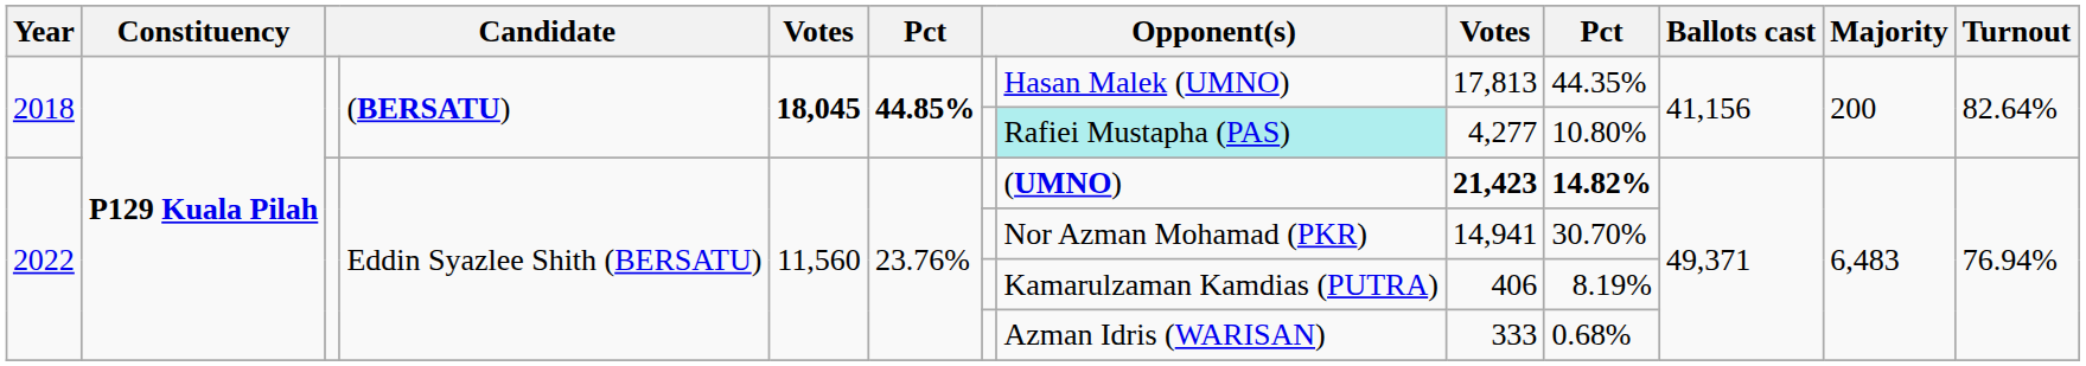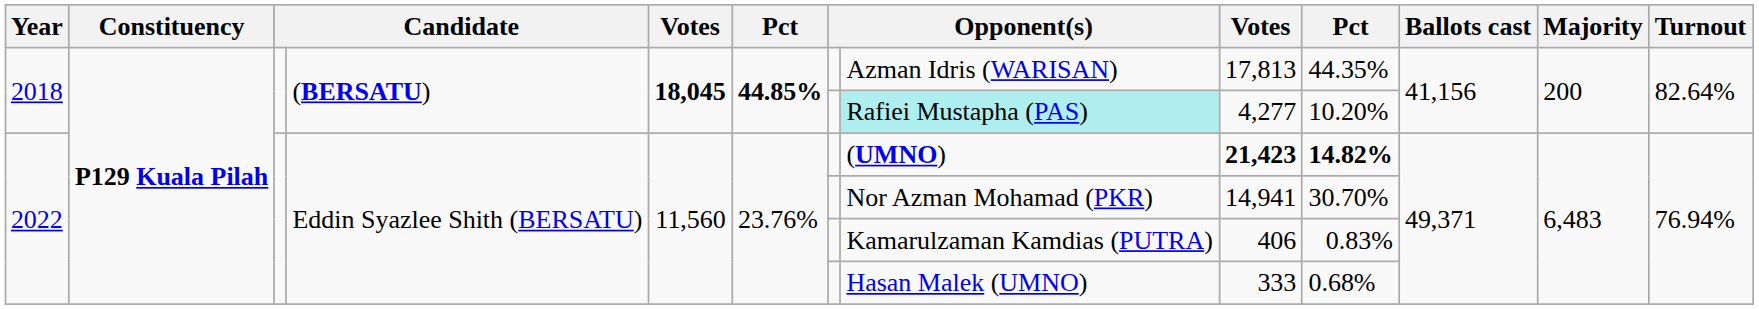 <table class="wikitable" style="margin:0.5em ; font-size:95%">
 <tr>
 <th>Year</th>
 <th>Constituency</th>
 <th colspan=2>Candidate</th>
 <th>Votes</th>
 <th>Pct</th>
 <th colspan=2>Opponent(s)</th>
 <th>Votes</th>
 <th>Pct</th>
 <th>Ballots cast</th>
 <th>Majority</th>
 <th>Turnout</th>
 </tr>
 <tr>
 <td rowspan=2><a href='#'>2018</a></td>
 <td rowspan=6><strong>P129 <a href='#'>Kuala Pilah</a></strong></td>
 <td rowspan="2"></td>
 <td rowspan="2"> (<a href='#'><strong>BERSATU</strong></a>)</td>
 <td rowspan="2" align="right"><strong>18,045</strong></td>
 <td rowspan="2"><strong>44.85%</strong></td>
 <td></td>
-<td><a href='#'>Hasan Malek</a> (<a href='#'>UMNO</a>)</td>
+<td>Azman Idris (<a href='#'>WARISAN</a>)</td>
 <td align="right">17,813</td>
 <td>44.35%</td>
 <td rowspan="2">41,156</td>
 <td rowspan="2">200</td>
 <td rowspan="2">82.64%</td>
 </tr>
 <tr>
 <td></td>
 <td style="background: paleturquoise;">Rafiei Mustapha (<a href='#'>PAS</a>)</td>
 <td align="right">4,277</td>
-<td>10.80%</td>
+<td>10.20%</td>
 </tr>
 <tr>
 <td rowspan=4><a href='#'>2022</a></td>
 <td rowspan=4 bgcolor=></td>
 <td rowspan=4>Eddin Syazlee Shith (<a href='#'>BERSATU</a>)</td>
 <td rowspan=4 align="right">11,560</td>
 <td rowspan=4>23.76%</td>
 <td></td>
 <td> (<a href='#'><strong>UMNO</strong></a>)</td>
 <td align="right"><strong>21,423</strong></td>
 <td><strong>14.82%</strong></td>
 <td rowspan=4>49,371</td>
 <td rowspan=4>6,483</td>
 <td rowspan=4>76.94%</td>
 </tr>
 <tr>
 <td></td>
 <td>Nor Azman Mohamad (<a href='#'>PKR</a>)</td>
 <td align="right">14,941</td>
 <td>30.70%</td>
 </tr>
 <tr>
 <td bgcolor=></td>
 <td>Kamarulzaman Kamdias (<a href='#'>PUTRA</a>)</td>
 <td align="right">406</td>
-<td align=right>8.19%</td>
+<td align=right>0.83%</td>
 </tr>
 <tr>
 <td></td>
-<td>Azman Idris (<a href='#'>WARISAN</a>)</td>
+<td><a href='#'>Hasan Malek</a> (<a href='#'>UMNO</a>)</td>
 <td align="right">333</td>
 <td aign=right>0.68%</td>
 </tr>
 </table>
